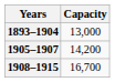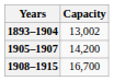 <table class="wikitable">
 <tr>
 <th scope="row">Years</th>
 <th scope="row">Capacity</th>
 </tr>
 <tr>
 <th scope="row">1893–1904</th>
-<td style="text-align:center">13,000</td>
+<td style="text-align:center">13,002</td>
 </tr>
 <tr>
 <th scope="row">1905–1907</th>
 <td style="text-align:center">14,200</td>
 </tr>
 <tr>
 <th scope="row">1908–1915</th>
 <td style="text-align:center">16,700</td>
 </tr>
 </table>
